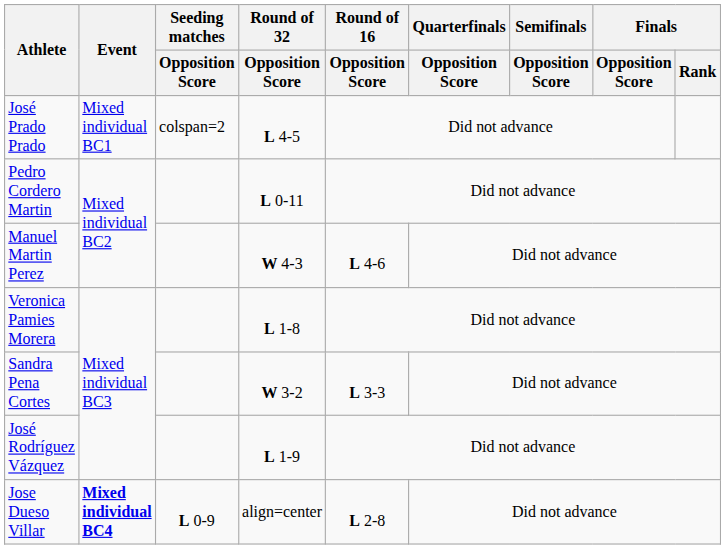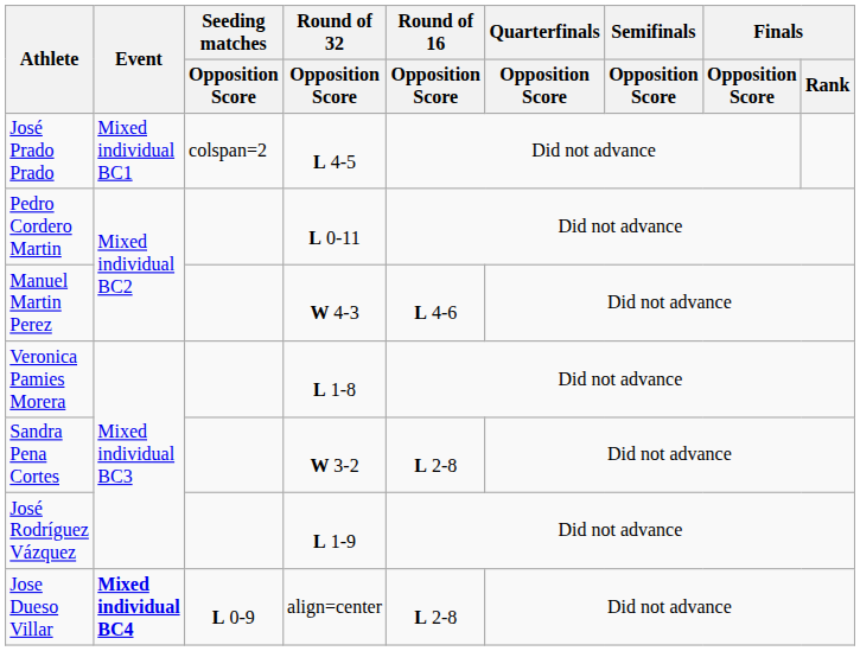 <table class=wikitable style="font-size:90%">
 <tr>
 <th rowspan="2">Athlete</th>
 <th rowspan="2">Event</th>
 <th>Seeding matches</th>
 <th>Round of 32</th>
 <th>Round of 16</th>
 <th>Quarterfinals</th>
 <th>Semifinals</th>
 <th colspan="2">Finals</th>
 </tr>
 <tr>
 <th>Opposition<br>Score</th>
 <th>Opposition<br>Score</th>
 <th>Opposition<br>Score</th>
 <th>Opposition<br>Score</th>
 <th>Opposition<br>Score</th>
 <th>Opposition<br>Score</th>
 <th>Rank</th>
 </tr>
 <tr>
 <td align=left><a href='#'>José Prado Prado</a></td>
 <td align=left><a href='#'>Mixed individual BC1</a></td>
 <td>colspan=2 </td>
 <td align=center><br><strong>L</strong> 4-5</td>
 <td align=center colspan=4>Did not advance</td>
 </tr>
 <tr>
 <td align=left><a href='#'>Pedro Cordero Martin</a></td>
 <td align=left rowspan=2><a href='#'>Mixed individual BC2</a></td>
 <td></td>
 <td align=center><br><strong>L</strong> 0-11</td>
 <td align=center colspan=5>Did not advance</td>
 </tr>
 <tr>
 <td align=left><a href='#'>Manuel Martin Perez</a></td>
 <td></td>
 <td align=center><br><strong>W</strong> 4-3</td>
 <td align=center><br><strong>L</strong> 4-6</td>
 <td align=center colspan=4>Did not advance</td>
 </tr>
 <tr>
 <td align=left><a href='#'>Veronica Pamies Morera</a></td>
 <td align=left rowspan=3><a href='#'>Mixed individual BC3</a></td>
 <td></td>
 <td align=center><br><strong>L</strong> 1-8</td>
 <td align=center colspan=5>Did not advance</td>
 </tr>
 <tr>
 <td align=left><a href='#'>Sandra Pena Cortes</a></td>
 <td></td>
 <td align=center><br><strong>W</strong> 3-2</td>
-<td align=center><br><strong>L</strong> 3-3</td>
+<td align=center><br><strong>L</strong> 2-8</td>
 <td align=center colspan=4>Did not advance</td>
 </tr>
 <tr>
 <td align=left><a href='#'>José Rodríguez Vázquez</a></td>
 <td></td>
 <td align=center><br><strong>L</strong> 1-9</td>
 <td align=center colspan=5>Did not advance</td>
 </tr>
 <tr>
 <td align=left><a href='#'>Jose Dueso Villar</a></td>
 <td align=left><strong><a href='#'>Mixed individual BC4</a></strong></td>
 <td align=center><br><strong>L</strong> 0-9</td>
 <td>align=center </td>
 <td align=center><br><strong>L</strong> 2-8</td>
 <td align=center colspan=4>Did not advance</td>
 </tr>
 </table>
